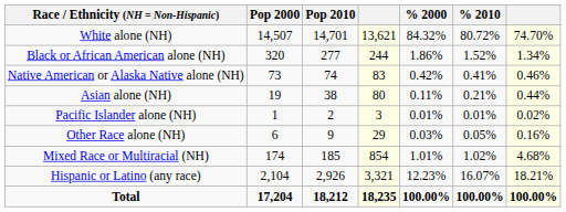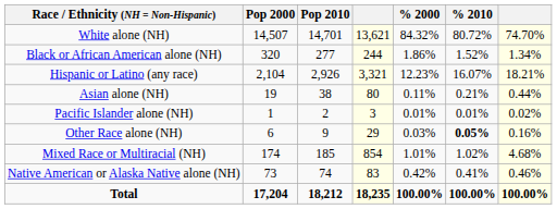 <table class="wikitable" style="text-align:center;">
 <tr>
 <th>Race / Ethnicity <small>(<em>NH = Non-Hispanic</em>)</small></th>
 <th>Pop 2000</th>
 <th>Pop 2010</th>
 <th></th>
 <th>% 2000</th>
 <th>% 2010</th>
 <th></th>
 </tr>
 <tr>
 <td><a href='#'>White</a> alone (NH)</td>
 <td>14,507</td>
 <td>14,701</td>
 <td style='background: #ffffe6;'>13,621</td>
 <td>84.32%</td>
 <td>80.72%</td>
 <td style='background: #ffffe6;'>74.70%</td>
 </tr>
 <tr>
 <td><a href='#'>Black or African American</a> alone (NH)</td>
 <td>320</td>
 <td>277</td>
 <td style='background: #ffffe6;'>244</td>
 <td>1.86%</td>
 <td>1.52%</td>
 <td style='background: #ffffe6;'>1.34%</td>
 </tr>
 <tr>
-<td><a href='#'>Native American</a> or <a href='#'>Alaska Native</a> alone (NH)</td>
-<td>73</td>
-<td>74</td>
-<td style='background: #ffffe6;'>83</td>
-<td>0.42%</td>
-<td>0.41%</td>
-<td style='background: #ffffe6;'>0.46%</td>
+<td><a href='#'>Hispanic or Latino</a> (any race)</td>
+<td>2,104</td>
+<td>2,926</td>
+<td style='background: #ffffe6;'>3,321</td>
+<td>12.23%</td>
+<td>16.07%</td>
+<td style='background: #ffffe6;'>18.21%</td>
 </tr>
 <tr>
 <td><a href='#'>Asian</a> alone (NH)</td>
 <td>19</td>
 <td>38</td>
 <td style='background: #ffffe6;'>80</td>
 <td>0.11%</td>
 <td>0.21%</td>
 <td style='background: #ffffe6;'>0.44%</td>
 </tr>
 <tr>
 <td><a href='#'>Pacific Islander</a> alone (NH)</td>
 <td>1</td>
 <td>2</td>
 <td style='background: #ffffe6;'>3</td>
 <td>0.01%</td>
 <td>0.01%</td>
 <td style='background: #ffffe6;'>0.02%</td>
 </tr>
 <tr>
 <td><a href='#'>Other Race</a> alone (NH)</td>
 <td>6</td>
 <td>9</td>
 <td style='background: #ffffe6;'>29</td>
 <td>0.03%</td>
-<td>0.05%</td>
+<td><strong>0.05%</strong></td>
 <td style='background: #ffffe6;'>0.16%</td>
 </tr>
 <tr>
 <td><a href='#'>Mixed Race or Multiracial</a> (NH)</td>
 <td>174</td>
 <td>185</td>
 <td style='background: #ffffe6;'>854</td>
 <td>1.01%</td>
 <td>1.02%</td>
 <td style='background: #ffffe6;'>4.68%</td>
 </tr>
 <tr>
-<td><a href='#'>Hispanic or Latino</a> (any race)</td>
-<td>2,104</td>
-<td>2,926</td>
-<td style='background: #ffffe6;'>3,321</td>
-<td>12.23%</td>
-<td>16.07%</td>
-<td style='background: #ffffe6;'>18.21%</td>
+<td><a href='#'>Native American</a> or <a href='#'>Alaska Native</a> alone (NH)</td>
+<td>73</td>
+<td>74</td>
+<td style='background: #ffffe6;'>83</td>
+<td>0.42%</td>
+<td>0.41%</td>
+<td style='background: #ffffe6;'>0.46%</td>
 </tr>
 <tr>
 <td><strong>Total</strong></td>
 <td><strong>17,204</strong></td>
 <td><strong>18,212</strong></td>
 <td style='background: #ffffe6;'><strong>18,235</strong></td>
 <td><strong>100.00%</strong></td>
 <td><strong>100.00%</strong></td>
 <td style='background: #ffffe6;'><strong>100.00%</strong></td>
 </tr>
 </table>
